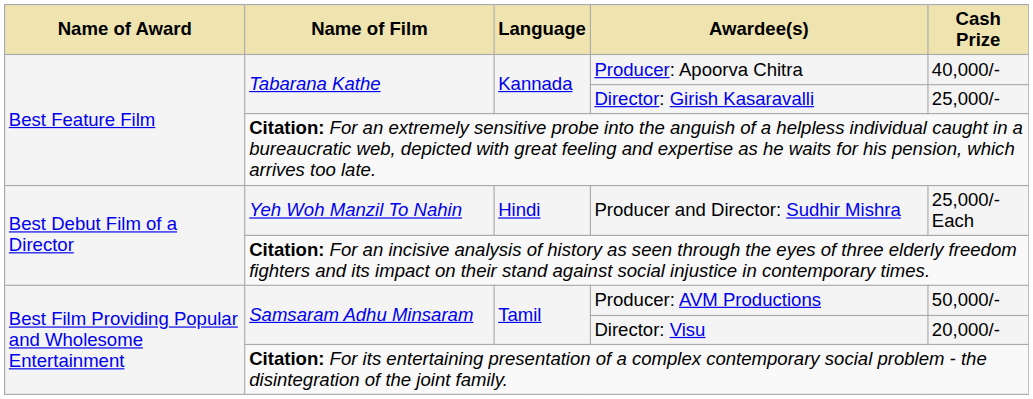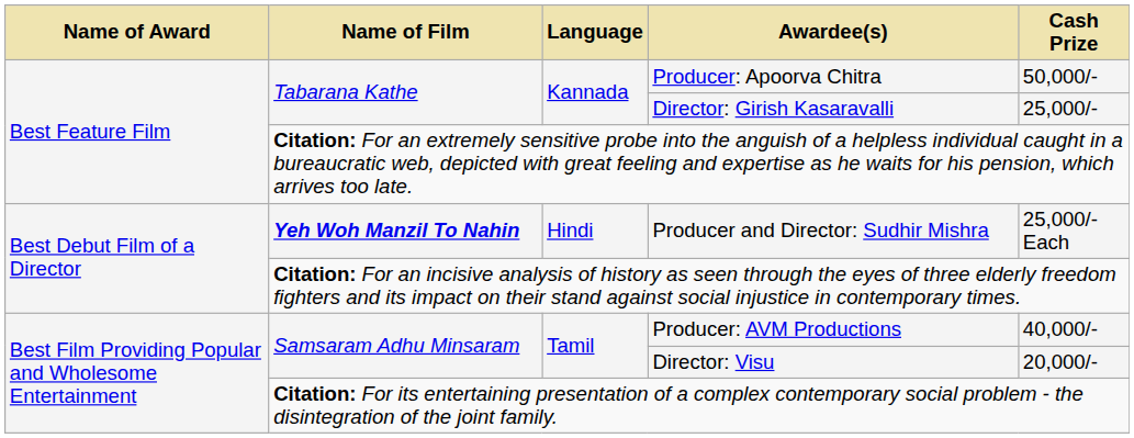 <table class="wikitable" style="width:100%;">
 <tr>
 <th style="background-color:#EFE4B0;width:24%;">Name of Award</th>
 <th style="background-color:#EFE4B0;width:25%;">Name of Film</th>
 <th style="background-color:#EFE4B0;width:7%;">Language</th>
 <th style="background-color:#EFE4B0;width:34%;">Awardee(s)</th>
 <th style="background-color:#EFE4B0;width:10%;">Cash Prize</th>
 </tr>
 <tr style="background-color:#F4F4F4">
 <td rowspan="3"><a href='#'>Best Feature Film</a></td>
 <td rowspan="2"><em><a href='#'>Tabarana Kathe</a></em></td>
 <td rowspan="2"><a href='#'>Kannada</a></td>
 <td><a href='#'>Producer</a>: Apoorva Chitra</td>
-<td> 40,000/-</td>
+<td> 50,000/-</td>
 </tr>
 <tr style="background-color:#F4F4F4">
 <td><a href='#'>Director</a>: <a href='#'>Girish Kasaravalli</a></td>
 <td> 25,000/-</td>
 </tr>
 <tr style="background-color:#F9F9F9">
 <td colspan="4"><strong>Citation:</strong> <em>For an extremely sensitive probe into the anguish of a helpless individual caught in a bureaucratic web, depicted with great feeling and expertise as he waits for his pension, which arrives too late.</em></td>
 </tr>
 <tr style="background-color:#F4F4F4">
 <td rowspan="2"><a href='#'>Best Debut Film of a Director</a></td>
-<td><em><a href='#'>Yeh Woh Manzil To Nahin</a></em></td>
+<td><strong><em><a href='#'>Yeh Woh Manzil To Nahin</a></em></strong></td>
 <td><a href='#'>Hindi</a></td>
 <td>Producer and Director: <a href='#'>Sudhir Mishra</a></td>
 <td> 25,000/- Each</td>
 </tr>
 <tr style="background-color:#F9F9F9">
 <td colspan="4"><strong>Citation:</strong> <em>For an incisive analysis of history as seen through the eyes of three elderly freedom fighters and its impact on their stand against social injustice in contemporary times.</em></td>
 </tr>
 <tr style="background-color:#F4F4F4">
 <td rowspan="3"><a href='#'>Best Film Providing Popular and Wholesome Entertainment</a></td>
 <td rowspan="2"><em><a href='#'>Samsaram Adhu Minsaram</a></em></td>
 <td rowspan="2"><a href='#'>Tamil</a></td>
 <td>Producer: <a href='#'>AVM Productions</a></td>
-<td> 50,000/-</td>
+<td> 40,000/-</td>
 </tr>
 <tr style="background-color:#F4F4F4">
 <td>Director: <a href='#'>Visu</a></td>
 <td> 20,000/-</td>
 </tr>
 <tr style="background-color:#F9F9F9">
 <td colspan="4"><strong>Citation:</strong> <em>For its entertaining presentation of a complex contemporary social problem - the disintegration of the joint family.</em></td>
 </tr>
 </table>
